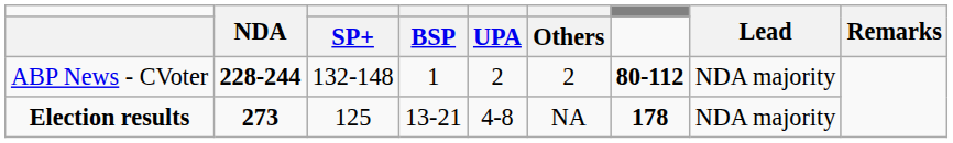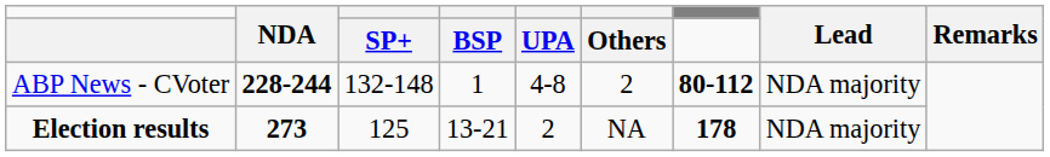 <table class="wikitable sortable" style="text-align:center; font-size:95%">
 <tr>
 <td></td>
 <th rowspan="2">NDA</th>
 <th style="background:"></th>
 <th style="background:"></th>
 <th style="text-align:center; background:"></th>
 <th style="text-align:center; background:"></th>
 <th style="background:gray;"></th>
 <th rowspan="2">Lead</th>
 <th rowspan="2">Remarks</th>
 </tr>
 <tr>
 <th></th>
 <th><a href='#'>SP+</a></th>
 <th><a href='#'>BSP</a></th>
 <th><a href='#'>UPA</a></th>
 <th>Others</th>
 </tr>
 <tr>
 <td><a href='#'>ABP News</a> - CVoter</td>
 <td><strong>228-244</strong></td>
 <td>132-148</td>
 <td style="background:">1</td>
-<td style="background:">2</td>
+<td>4-8</td>
 <td style="background:">2</td>
 <td><strong>80-112</strong></td>
 <td>NDA majority</td>
 </tr>
 <tr>
 <td style="background:"><strong>Election results</strong></td>
 <td><strong>273</strong></td>
 <td style="background:">125</td>
 <td>13-21</td>
-<td>4-8</td>
+<td style="background:">2</td>
 <td>NA</td>
 <td><strong>178</strong></td>
 <td style="background:">NDA majority</td>
 </tr>
 </table>
